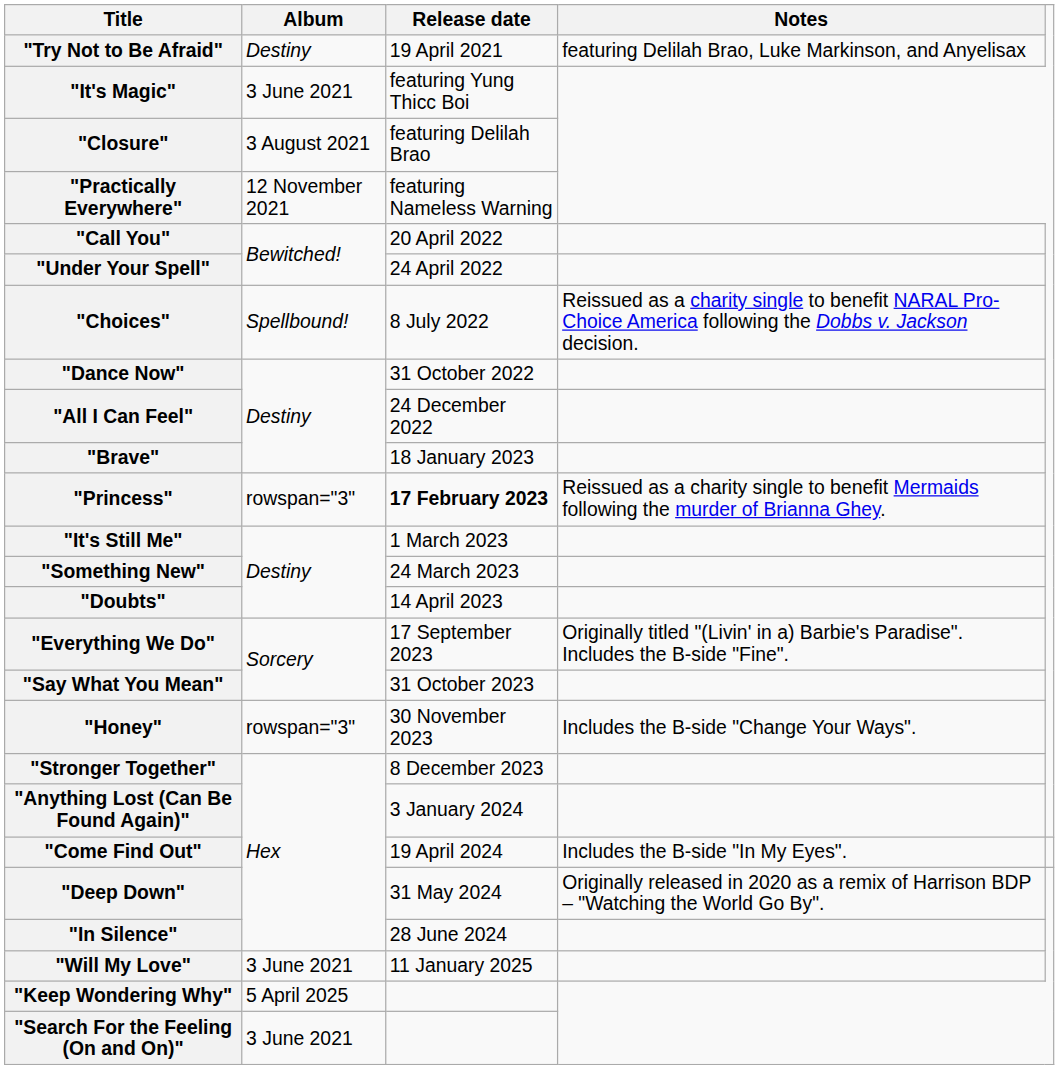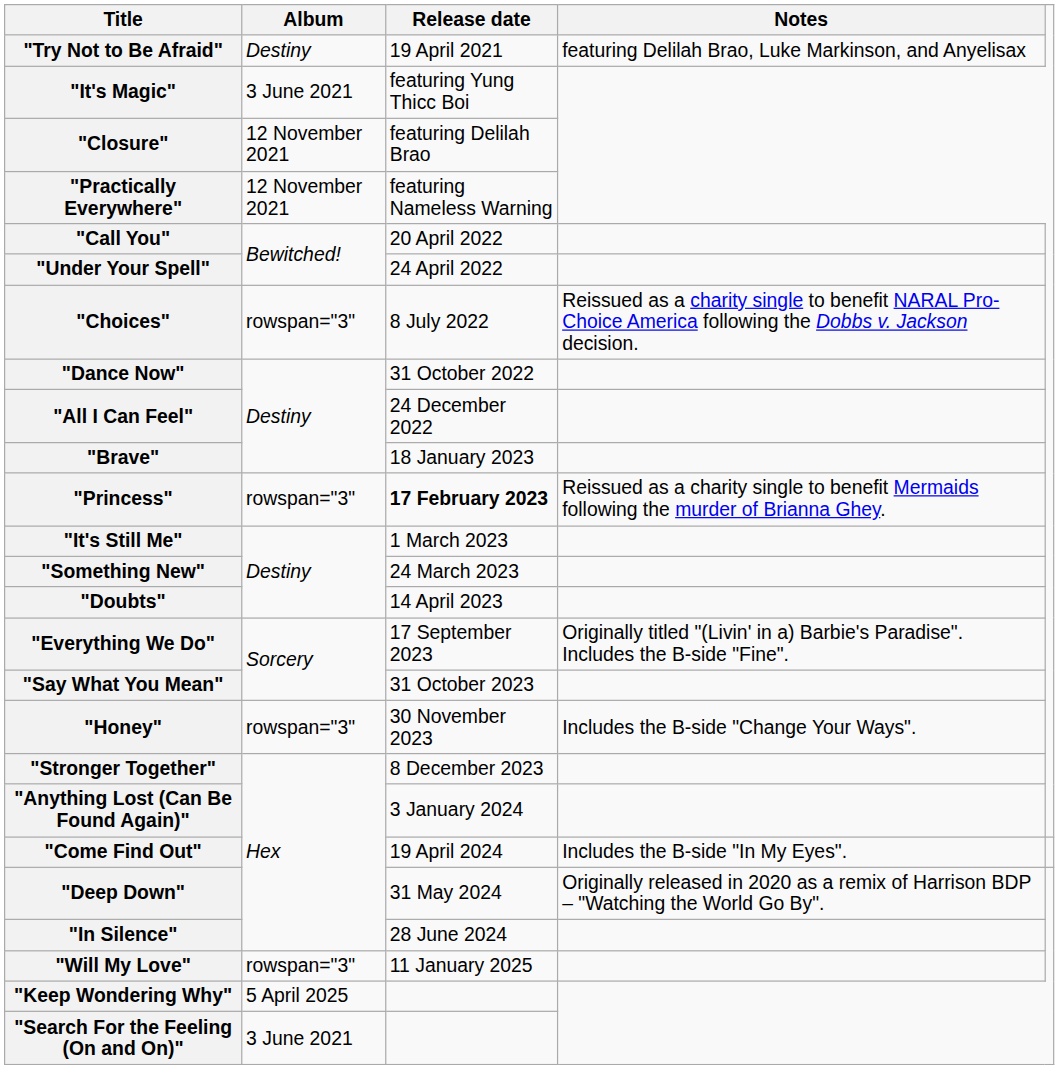 <table class="wikitable plainrowheaders">
 <tr>
 <th>Title</th>
 <th>Album</th>
 <th>Release date</th>
 <th>Notes</th>
 </tr>
 <tr>
 <th scope="row">"Try Not to Be Afraid"</th>
 <td rowspan="1"><em>Destiny</em></td>
 <td>19 April 2021</td>
 <td>featuring Delilah Brao, Luke Markinson, and Anyelisax</td>
 </tr>
 <tr>
 <th scope="row">"It's Magic"</th>
 <td>3 June 2021</td>
 <td>featuring Yung Thicc Boi</td>
 </tr>
 <tr>
 <th scope="row">"Closure"</th>
-<td>3 August 2021</td>
+<td>12 November 2021</td>
 <td>featuring Delilah Brao</td>
 </tr>
 <tr>
 <th scope="row">"Practically Everywhere"</th>
 <td>12 November 2021</td>
 <td>featuring Nameless Warning</td>
 </tr>
 <tr>
 <th scope="row">"Call You"</th>
 <td rowspan="2"><em>Bewitched!</em></td>
 <td>20 April 2022</td>
 <td></td>
 </tr>
 <tr>
 <th scope="row">"Under Your Spell"</th>
 <td>24 April 2022</td>
 <td></td>
 </tr>
 <tr>
 <th scope="row">"Choices"</th>
-<td><em>Spellbound!</em></td>
+<td>rowspan="3" </td>
 <td>8 July 2022</td>
 <td>Reissued as a <a href='#'>charity single</a> to benefit <a href='#'>NARAL Pro-Choice America</a> following the <em><a href='#'>Dobbs v. Jackson</a></em> decision.</td>
 </tr>
 <tr>
 <th scope="row">"Dance Now"</th>
 <td rowspan="3"><em>Destiny</em></td>
 <td>31 October 2022</td>
 <td></td>
 </tr>
 <tr>
 <th scope="row">"All I Can Feel"</th>
 <td>24 December 2022</td>
 <td></td>
 </tr>
 <tr>
 <th scope="row">"Brave"</th>
 <td>18 January 2023</td>
 <td></td>
 </tr>
 <tr>
 <th scope="row">"Princess"</th>
 <td>rowspan="3" </td>
 <td><strong>17 February 2023</strong></td>
 <td>Reissued as a charity single to benefit <a href='#'>Mermaids</a> following the <a href='#'>murder of Brianna Ghey</a>.</td>
 </tr>
 <tr>
 <th scope="row">"It's Still Me"</th>
 <td rowspan="3"><em>Destiny</em></td>
 <td>1 March 2023</td>
 <td></td>
 </tr>
 <tr>
 <th scope="row">"Something New"</th>
 <td>24 March 2023</td>
 <td></td>
 </tr>
 <tr>
 <th scope="row">"Doubts"</th>
 <td>14 April 2023</td>
 <td></td>
 </tr>
 <tr>
 <th scope="row">"Everything We Do"</th>
 <td rowspan="2"><em>Sorcery</em></td>
 <td>17 September 2023</td>
 <td>Originally titled "(Livin' in a) Barbie's Paradise". Includes the B-side "Fine".</td>
 </tr>
 <tr>
 <th scope="row">"Say What You Mean"</th>
 <td>31 October 2023</td>
 <td></td>
 </tr>
 <tr>
 <th scope="row">"Honey"</th>
 <td>rowspan="3" </td>
 <td>30 November 2023</td>
 <td>Includes the B-side "Change Your Ways".</td>
 </tr>
 <tr>
 <th scope="row">"Stronger Together"</th>
 <td rowspan="5"><em>Hex</em></td>
 <td>8 December 2023</td>
 <td></td>
 </tr>
 <tr>
 <th scope="row">"Anything Lost (Can Be Found Again)"</th>
 <td>3 January 2024</td>
 <td></td>
 </tr>
 <tr>
 <th scope="row">"Come Find Out"</th>
 <td>19 April 2024</td>
 <td>Includes the B-side "In My Eyes".</td>
 <td></td>
 </tr>
 <tr>
 <th scope="row">"Deep Down"</th>
 <td>31 May 2024</td>
 <td>Originally released in 2020 as a remix of Harrison BDP – "Watching the World Go By".</td>
 </tr>
 <tr>
 <th scope="row">"In Silence"</th>
 <td>28 June 2024</td>
 <td></td>
 </tr>
 <tr>
 <th scope="row">"Will My Love"</th>
-<td>3 June 2021</td>
+<td>rowspan="3" </td>
 <td>11 January 2025</td>
 <td></td>
 </tr>
 <tr>
 <th scope="row">"Keep Wondering Why"</th>
 <td>5 April 2025</td>
 <td></td>
 </tr>
 <tr>
 <th scope="row">"Search For the Feeling (On and On)"</th>
 <td>3 June 2021</td>
 <td></td>
 </tr>
 <tr>
 </tr>
 </table>
